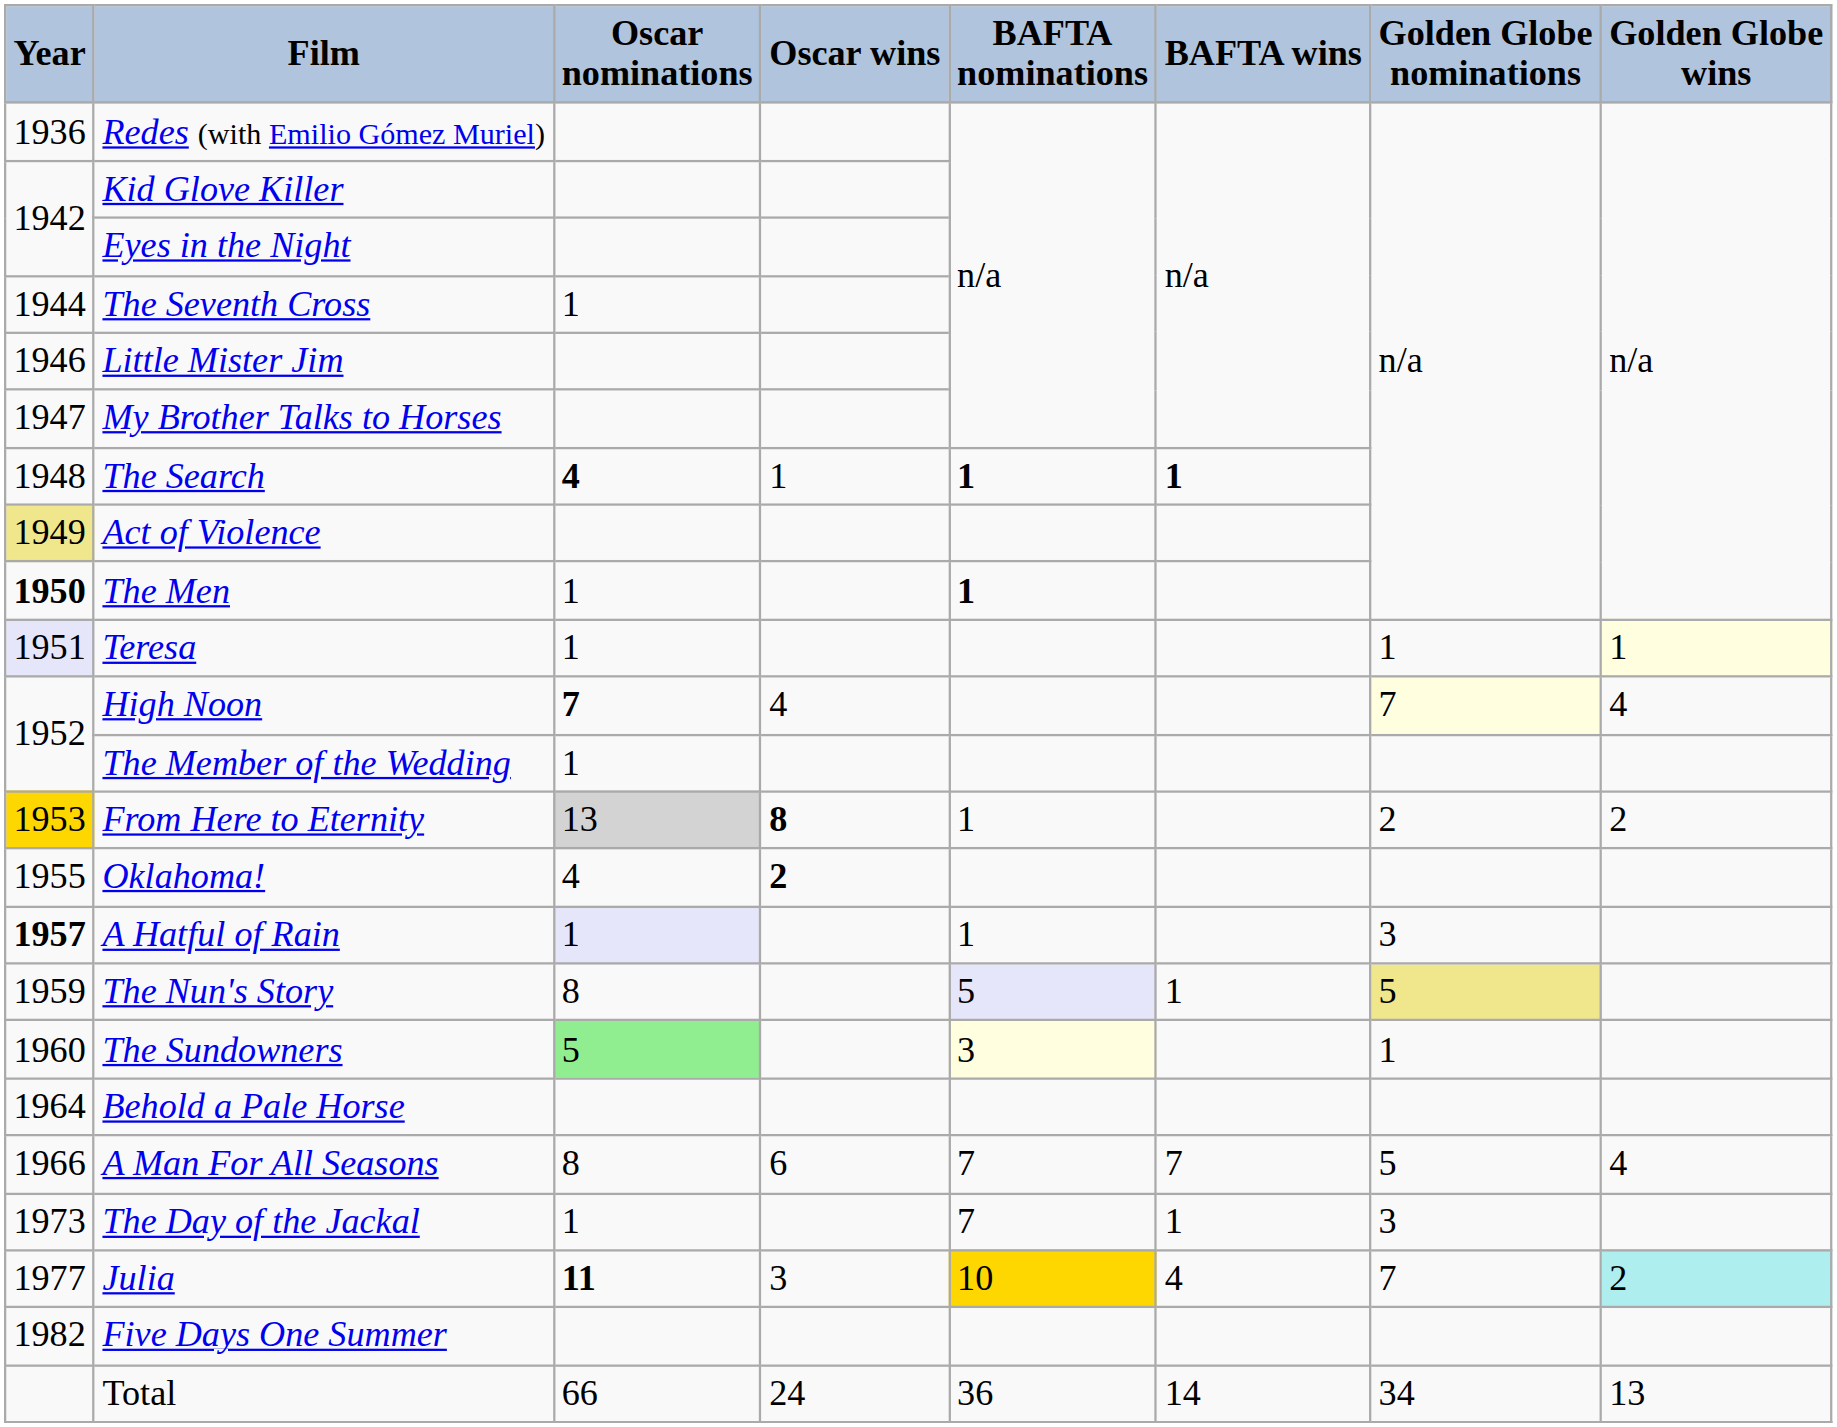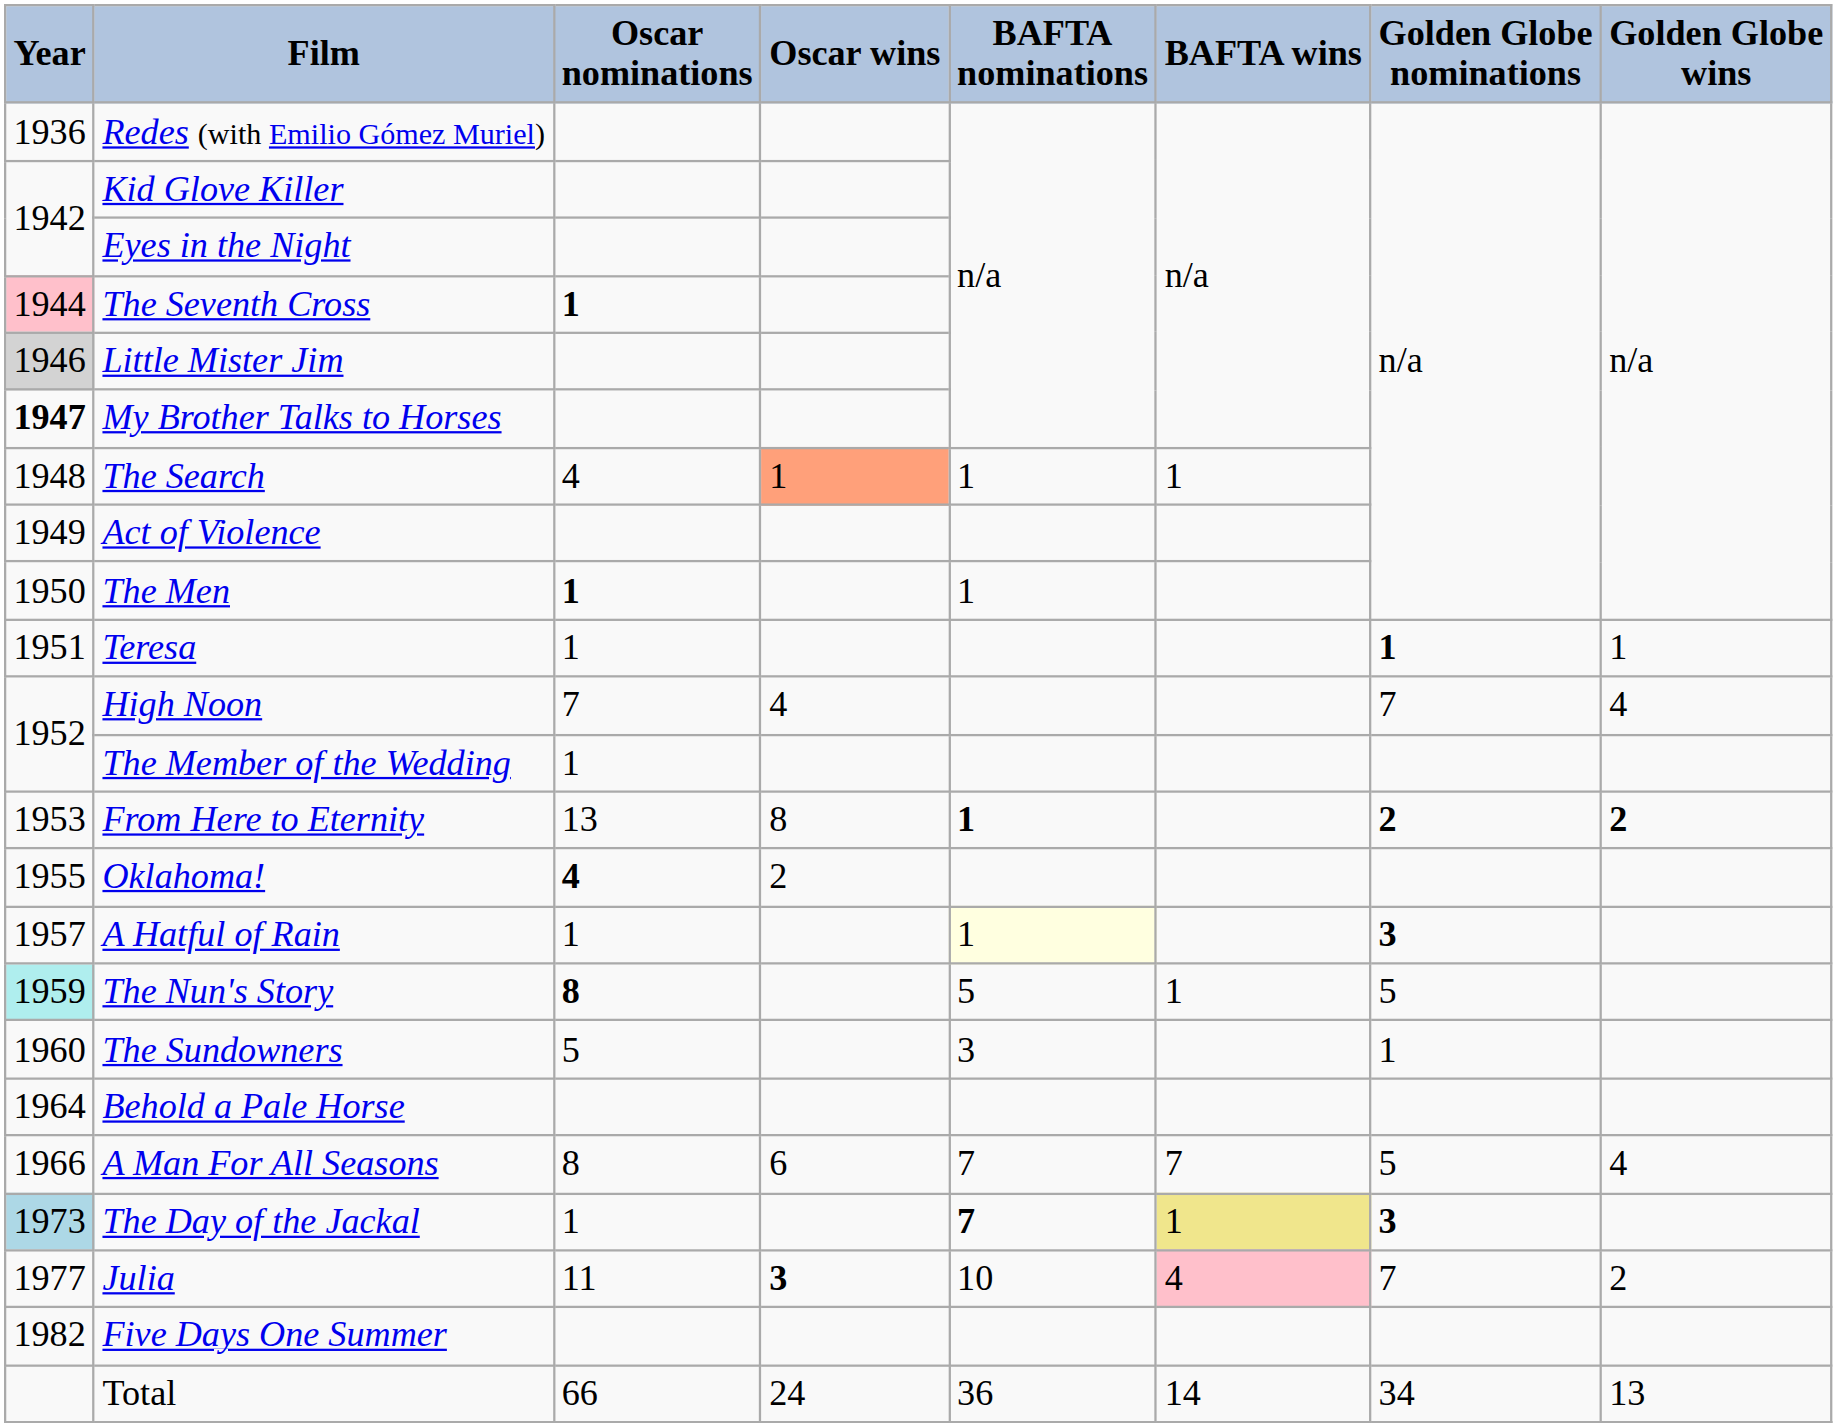 <table class="wikitable">
 <tr>
 <th style="background:#B0C4DE;">Year</th>
 <th style="background:#B0C4DE;">Film</th>
 <th style="background:#B0C4DE;">Oscar<br>nominations</th>
 <th style="background:#B0C4DE;">Oscar wins</th>
 <th style="background:#B0C4DE;">BAFTA<br>nominations</th>
 <th style="background:#B0C4DE;">BAFTA wins</th>
 <th style="background:#B0C4DE;">Golden Globe<br>nominations</th>
 <th style="background:#B0C4DE;">Golden Globe<br>wins</th>
 </tr>
 <tr>
 <td>1936</td>
 <td><em><a href='#'>Redes</a></em> <small>(with <a href='#'>Emilio Gómez Muriel</a>)</small></td>
 <td></td>
 <td></td>
 <td rowspan="6">n/a</td>
 <td rowspan="6">n/a</td>
 <td rowspan="9">n/a</td>
 <td rowspan="9">n/a</td>
 </tr>
 <tr>
 <td rowspan=2>1942</td>
 <td><em><a href='#'>Kid Glove Killer</a></em></td>
 <td></td>
 <td></td>
 </tr>
 <tr>
 <td><em><a href='#'>Eyes in the Night</a></em></td>
 <td></td>
 <td></td>
 </tr>
 <tr>
-<td>1944</td>
+<td style="background: pink;">1944</td>
 <td><em><a href='#'>The Seventh Cross</a></em></td>
-<td>1</td>
+<td><strong>1</strong></td>
 <td></td>
 </tr>
 <tr>
-<td>1946</td>
+<td style="background: lightgrey;">1946</td>
 <td><em><a href='#'>Little Mister Jim</a></em></td>
 <td></td>
 <td></td>
 </tr>
 <tr>
-<td>1947</td>
+<td><strong>1947</strong></td>
 <td><em><a href='#'>My Brother Talks to Horses</a></em></td>
 <td></td>
 <td></td>
 </tr>
 <tr>
 <td>1948</td>
 <td><em><a href='#'>The Search</a></em></td>
-<td><strong>4</strong></td>
+<td>4</td>
+<td style="background: lightsalmon;">1</td>
 <td>1</td>
-<td><strong>1</strong></td>
-<td><strong>1</strong></td>
+<td>1</td>
 </tr>
 <tr>
-<td style="background: khaki;">1949</td>
+<td>1949</td>
 <td><em><a href='#'>Act of Violence</a></em></td>
 <td></td>
 <td></td>
 <td></td>
 <td></td>
 </tr>
 <tr>
-<td><strong>1950</strong></td>
+<td>1950</td>
 <td><em><a href='#'>The Men</a></em></td>
+<td><strong>1</strong></td>
+<td></td>
 <td>1</td>
-<td></td>
-<td><strong>1</strong></td>
 <td></td>
 </tr>
 <tr>
-<td style="background: lavender;">1951</td>
+<td>1951</td>
 <td><em><a href='#'>Teresa</a></em></td>
 <td>1</td>
 <td></td>
 <td></td>
 <td></td>
+<td><strong>1</strong></td>
 <td>1</td>
-<td style="background: lightyellow;">1</td>
 </tr>
 <tr>
 <td rowspan=2>1952</td>
 <td><em><a href='#'>High Noon</a></em></td>
-<td><strong>7</strong></td>
+<td>7</td>
 <td>4</td>
 <td></td>
 <td></td>
-<td style="background: lightyellow;">7</td>
+<td>7</td>
 <td>4</td>
 </tr>
 <tr>
 <td><em><a href='#'>The Member of the Wedding</a></em></td>
 <td>1</td>
 <td></td>
 <td></td>
 <td></td>
 <td></td>
 <td></td>
 </tr>
 <tr>
-<td style="background: gold;">1953</td>
+<td>1953</td>
 <td><em><a href='#'>From Here to Eternity</a></em></td>
-<td style="background: lightgrey;">13</td>
-<td><strong>8</strong></td>
-<td>1</td>
+<td>13</td>
+<td>8</td>
+<td><strong>1</strong></td>
 <td></td>
-<td>2</td>
-<td>2</td>
+<td><strong>2</strong></td>
+<td><strong>2</strong></td>
 </tr>
 <tr>
 <td>1955</td>
 <td><em><a href='#'>Oklahoma!</a></em></td>
-<td>4</td>
-<td><strong>2</strong></td>
+<td><strong>4</strong></td>
+<td>2</td>
 <td></td>
 <td></td>
 <td></td>
 <td></td>
 </tr>
 <tr>
-<td><strong>1957</strong></td>
+<td>1957</td>
 <td><em><a href='#'>A Hatful of Rain</a></em></td>
-<td style="background: lavender;">1</td>
-<td></td>
 <td>1</td>
 <td></td>
-<td>3</td>
+<td style="background: lightyellow;">1</td>
+<td></td>
+<td><strong>3</strong></td>
 <td></td>
 </tr>
 <tr>
-<td>1959</td>
+<td style="background: paleturquoise;">1959</td>
 <td><em><a href='#'>The Nun's Story</a></em></td>
-<td>8</td>
+<td><strong>8</strong></td>
 <td></td>
-<td style="background: lavender;">5</td>
+<td>5</td>
 <td>1</td>
-<td style="background: khaki;">5</td>
+<td>5</td>
 <td></td>
 </tr>
 <tr>
 <td>1960</td>
 <td><em><a href='#'>The Sundowners</a></em></td>
-<td style="background: lightgreen;">5</td>
+<td>5</td>
 <td></td>
-<td style="background: lightyellow;">3</td>
+<td>3</td>
 <td></td>
 <td>1</td>
 <td></td>
 </tr>
 <tr>
 <td>1964</td>
 <td><em><a href='#'>Behold a Pale Horse</a></em></td>
 <td></td>
 <td></td>
 <td></td>
 <td></td>
 <td></td>
 <td></td>
 </tr>
 <tr>
 <td>1966</td>
 <td><em><a href='#'>A Man For All Seasons</a></em></td>
 <td>8</td>
 <td>6</td>
 <td>7</td>
 <td>7</td>
 <td>5</td>
 <td>4</td>
 </tr>
 <tr>
-<td>1973</td>
+<td style="background: lightblue;">1973</td>
 <td><em><a href='#'>The Day of the Jackal</a></em></td>
 <td>1</td>
 <td></td>
-<td>7</td>
-<td>1</td>
-<td>3</td>
+<td><strong>7</strong></td>
+<td style="background: khaki;">1</td>
+<td><strong>3</strong></td>
 <td></td>
 </tr>
 <tr>
 <td>1977</td>
 <td><em><a href='#'>Julia</a></em></td>
-<td><strong>11</strong></td>
-<td>3</td>
-<td style="background: gold;">10</td>
-<td>4</td>
+<td>11</td>
+<td><strong>3</strong></td>
+<td>10</td>
+<td style="background: pink;">4</td>
 <td>7</td>
-<td style="background: paleturquoise;">2</td>
+<td>2</td>
 </tr>
 <tr>
 <td>1982</td>
 <td><em><a href='#'>Five Days One Summer</a></em></td>
 <td></td>
 <td></td>
 <td></td>
 <td></td>
 <td></td>
 <td></td>
 </tr>
 <tr>
 <td></td>
 <td>Total</td>
 <td>66</td>
 <td>24</td>
 <td>36</td>
 <td>14</td>
 <td>34</td>
 <td>13</td>
 </tr>
 <tr>
 </tr>
 </table>
